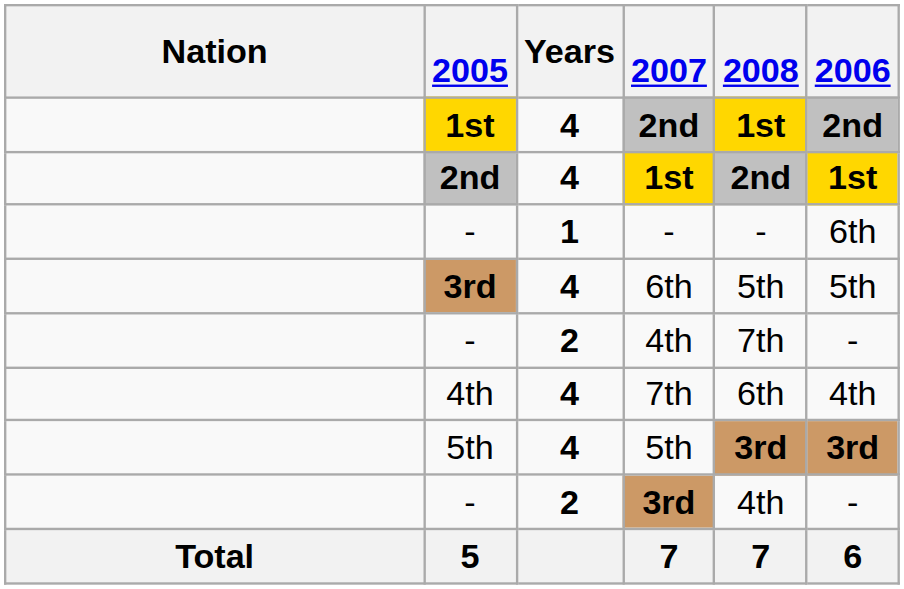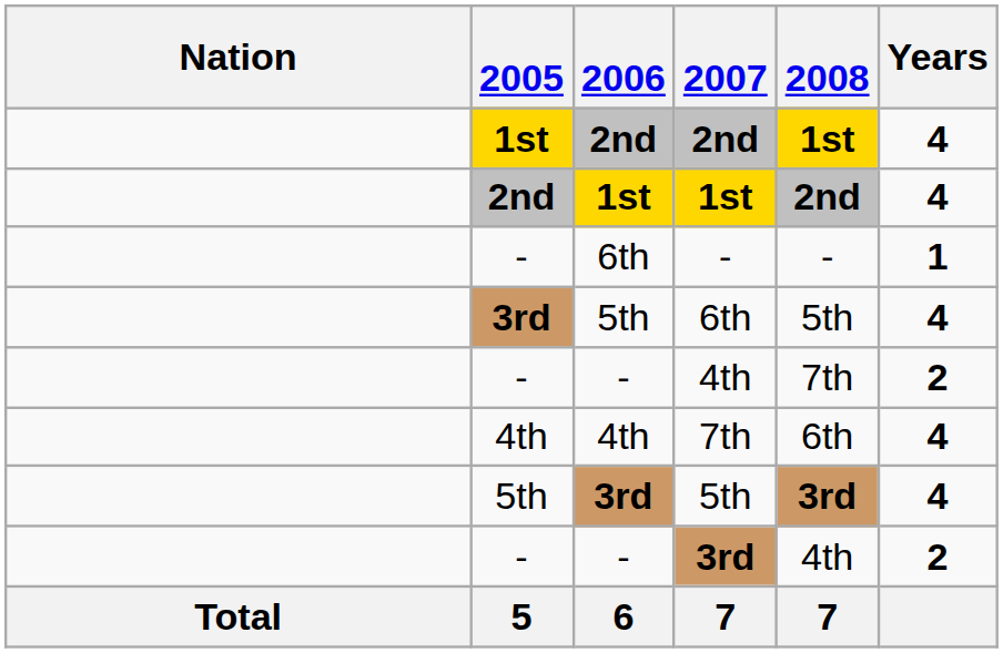 <table class="wikitable" style="text-align:center; font-size:90%">
 <tr>
 <th width=170>Nation</th>
 <th><br><a href='#'>2005</a></th>
-<th>Years</th>
+<th><br><a href='#'>2006</a></th>
 <th><br><a href='#'>2007</a></th>
 <th><br><a href='#'>2008</a></th>
-<th><br><a href='#'>2006</a></th>
+<th>Years</th>
 </tr>
 <tr>
 <td align=left></td>
 <td bgcolor=gold><strong>1st</strong></td>
-<td><strong>4</strong></td>
+<td bgcolor=silver><strong>2nd</strong></td>
 <td bgcolor=silver><strong>2nd</strong></td>
 <td bgcolor=gold><strong>1st</strong></td>
-<td bgcolor=silver><strong>2nd</strong></td>
+<td><strong>4</strong></td>
 </tr>
 <tr>
 <td align=left></td>
 <td bgcolor=silver><strong>2nd</strong></td>
-<td><strong>4</strong></td>
+<td bgcolor=gold><strong>1st</strong></td>
 <td bgcolor=gold><strong>1st</strong></td>
 <td bgcolor=silver><strong>2nd</strong></td>
-<td bgcolor=gold><strong>1st</strong></td>
+<td><strong>4</strong></td>
 </tr>
 <tr>
 <td align=left></td>
 <td>-</td>
-<td><strong>1</strong></td>
+<td>6th</td>
 <td>-</td>
 <td>-</td>
-<td>6th</td>
+<td><strong>1</strong></td>
 </tr>
 <tr>
 <td align=left></td>
 <td bgcolor=#cc9966><strong>3rd</strong></td>
-<td><strong>4</strong></td>
+<td>5th</td>
 <td>6th</td>
 <td>5th</td>
-<td>5th</td>
+<td><strong>4</strong></td>
 </tr>
 <tr>
 <td align=left></td>
 <td>-</td>
-<td><strong>2</strong></td>
+<td>-</td>
 <td>4th</td>
 <td>7th</td>
-<td>-</td>
+<td><strong>2</strong></td>
 </tr>
 <tr>
 <td align=left></td>
 <td>4th</td>
-<td><strong>4</strong></td>
+<td>4th</td>
 <td>7th</td>
 <td>6th</td>
-<td>4th</td>
+<td><strong>4</strong></td>
 </tr>
 <tr>
 <td align=left></td>
 <td>5th</td>
-<td><strong>4</strong></td>
+<td bgcolor=#cc9966><strong>3rd</strong></td>
 <td>5th</td>
 <td bgcolor=#cc9966><strong>3rd</strong></td>
-<td bgcolor=#cc9966><strong>3rd</strong></td>
+<td><strong>4</strong></td>
 </tr>
 <tr>
 <td align=left></td>
 <td>-</td>
-<td><strong>2</strong></td>
+<td>-</td>
 <td bgcolor=#cc9966><strong>3rd</strong></td>
 <td>4th</td>
-<td>-</td>
+<td><strong>2</strong></td>
 </tr>
 <tr>
 <th>Total</th>
 <th>5</th>
-<th></th>
+<th>6</th>
 <th>7</th>
 <th>7</th>
-<th>6</th>
+<th></th>
 </tr>
 </table>
